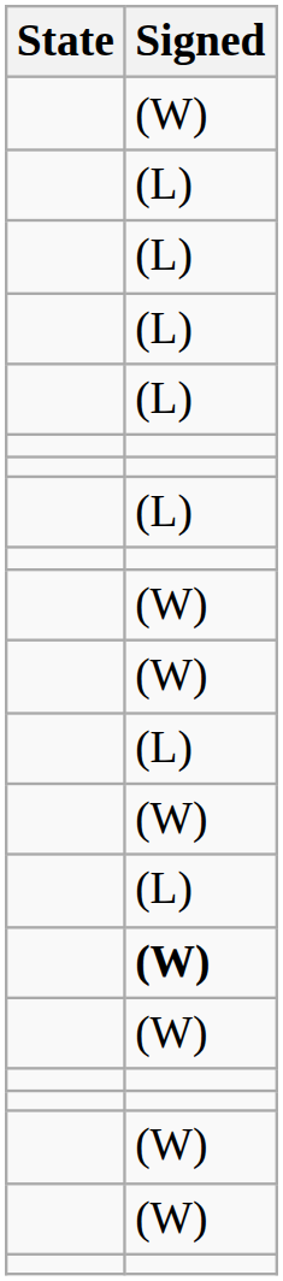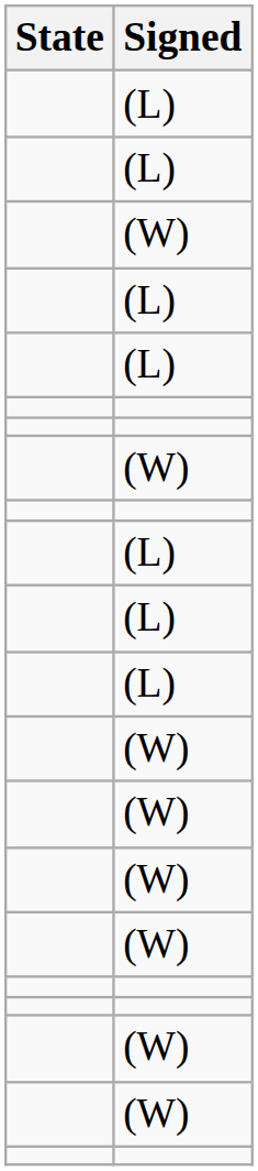 <table class="wikitable sortable">
 <tr>
 <th>State</th>
 <th>Signed</th>
-</tr>
-<tr>
-<td></td>
-<td> (W)</td>
 </tr>
 <tr>
 <td></td>
 <td> (L)</td>
 </tr>
 <tr>
 <td></td>
 <td> (L)</td>
+</tr>
+<tr>
+<td></td>
+<td> (W)</td>
 </tr>
 <tr>
 <td></td>
 <td> (L)</td>
 </tr>
 <tr>
 <td></td>
 <td> (L)</td>
 </tr>
 <tr>
 <td></td>
 <td></td>
 </tr>
 <tr>
 <td></td>
 <td></td>
 </tr>
 <tr>
 <td></td>
+<td> (W)</td>
+</tr>
+<tr>
+<td></td>
+<td></td>
+</tr>
+<tr>
+<td></td>
 <td> (L)</td>
 </tr>
 <tr>
 <td></td>
+<td> (L)</td>
+</tr>
+<tr>
 <td></td>
+<td> (L)</td>
 </tr>
 <tr>
 <td></td>
 <td> (W)</td>
 </tr>
 <tr>
 <td></td>
 <td> (W)</td>
 </tr>
 <tr>
 <td></td>
-<td> (L)</td>
-</tr>
-<tr>
-<td></td>
 <td> (W)</td>
-</tr>
-<tr>
-<td></td>
-<td> (L)</td>
-</tr>
-<tr>
-<td></td>
-<td><strong> (W)</strong></td>
 </tr>
 <tr>
 <td></td>
 <td> (W)</td>
 </tr>
 <tr>
 <td></td>
 <td></td>
 </tr>
 <tr>
 <td></td>
 <td></td>
 </tr>
 <tr>
 <td></td>
 <td> (W)</td>
 </tr>
 <tr>
 <td></td>
 <td> (W)</td>
 </tr>
 <tr>
 <td></td>
 <td></td>
 </tr>
 </table>
